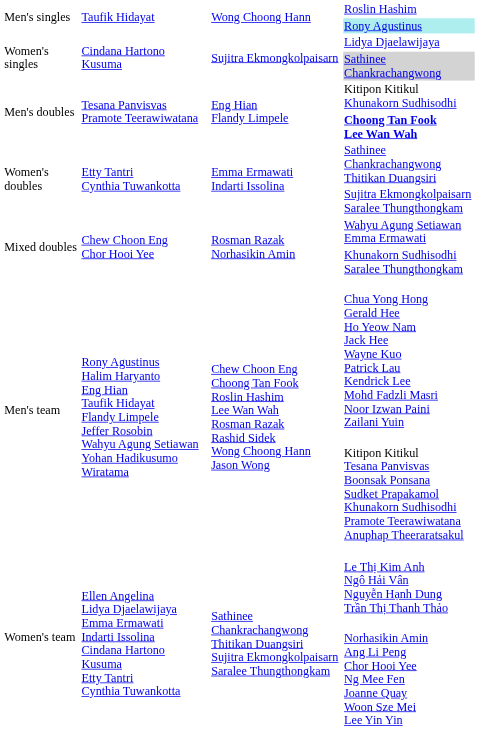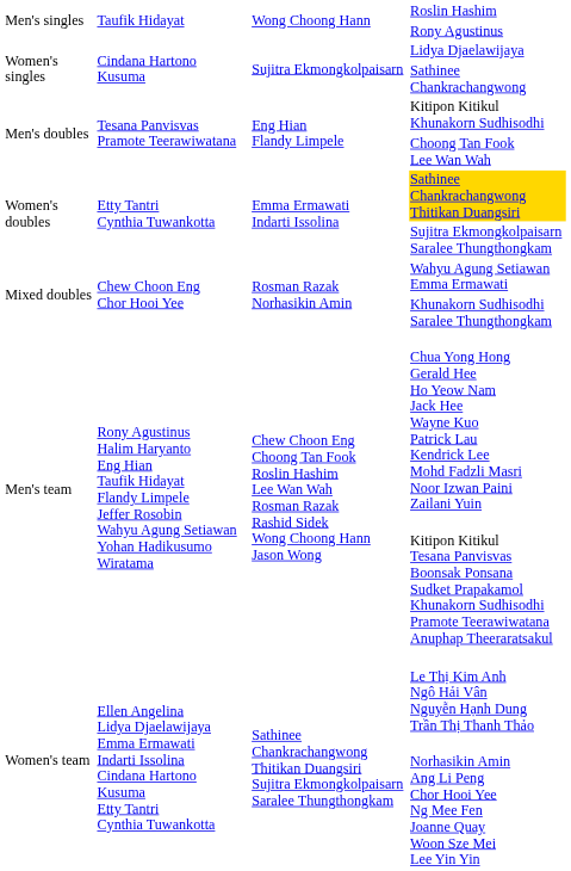 <table>
 <tr>
 <td rowspan="2">Men's singles</td>
 <td rowspan="2"> <a href='#'>Taufik Hidayat</a></td>
 <td rowspan="2"> <a href='#'>Wong Choong Hann</a></td>
 <td> <a href='#'>Roslin Hashim</a></td>
 </tr>
 <tr>
-<td style="background: paleturquoise;"> <a href='#'>Rony Agustinus</a></td>
+<td> <a href='#'>Rony Agustinus</a></td>
 </tr>
 <tr>
 <td rowspan="2">Women's singles</td>
 <td rowspan="2"> <a href='#'>Cindana Hartono Kusuma</a></td>
 <td rowspan="2"> <a href='#'>Sujitra Ekmongkolpaisarn</a></td>
 <td> <a href='#'>Lidya Djaelawijaya</a></td>
 </tr>
 <tr>
-<td style="background: lightgrey;"> <a href='#'>Sathinee Chankrachangwong</a></td>
+<td> <a href='#'>Sathinee Chankrachangwong</a></td>
 </tr>
 <tr>
 <td rowspan="2">Men's doubles</td>
 <td rowspan="2"> <a href='#'>Tesana Panvisvas</a> <br>  <a href='#'>Pramote Teerawiwatana</a></td>
 <td rowspan="2"> <a href='#'>Eng Hian</a> <br>  <a href='#'>Flandy Limpele</a></td>
 <td> Kitipon Kitikul <br>  <a href='#'>Khunakorn Sudhisodhi</a></td>
 </tr>
 <tr>
-<td><strong> <a href='#'>Choong Tan Fook</a> <br>  <a href='#'>Lee Wan Wah</a></strong></td>
+<td> <a href='#'>Choong Tan Fook</a> <br>  <a href='#'>Lee Wan Wah</a></td>
 </tr>
 <tr>
 <td rowspan="2">Women's doubles</td>
 <td rowspan="2"> <a href='#'>Etty Tantri</a> <br>  <a href='#'>Cynthia Tuwankotta</a></td>
 <td rowspan="2"> <a href='#'>Emma Ermawati</a> <br>  <a href='#'>Indarti Issolina</a></td>
-<td> <a href='#'>Sathinee Chankrachangwong</a> <br>  <a href='#'>Thitikan Duangsiri</a></td>
+<td style="background: gold;"> <a href='#'>Sathinee Chankrachangwong</a> <br>  <a href='#'>Thitikan Duangsiri</a></td>
 </tr>
 <tr>
 <td> <a href='#'>Sujitra Ekmongkolpaisarn</a> <br>  <a href='#'>Saralee Thungthongkam</a></td>
 </tr>
 <tr>
 <td rowspan="2">Mixed doubles</td>
 <td rowspan="2"> <a href='#'>Chew Choon Eng</a> <br>  <a href='#'>Chor Hooi Yee</a></td>
 <td rowspan="2"> <a href='#'>Rosman Razak</a> <br>  <a href='#'>Norhasikin Amin</a></td>
 <td> <a href='#'>Wahyu Agung Setiawan</a> <br>  <a href='#'>Emma Ermawati</a></td>
 </tr>
 <tr>
 <td> <a href='#'>Khunakorn Sudhisodhi</a> <br>  <a href='#'>Saralee Thungthongkam</a></td>
 </tr>
 <tr>
 <td rowspan="2">Men's team</td>
 <td rowspan="2"> <br> <a href='#'>Rony Agustinus</a> <br> <a href='#'>Halim Haryanto</a>  <br> <a href='#'>Eng Hian</a> <br> <a href='#'>Taufik Hidayat</a> <br> <a href='#'>Flandy Limpele</a> <br> <a href='#'>Jeffer Rosobin</a> <br> <a href='#'>Wahyu Agung Setiawan</a> <br> <a href='#'>Yohan Hadikusumo Wiratama</a></td>
 <td rowspan="2"> <br> <a href='#'>Chew Choon Eng</a> <br> <a href='#'>Choong Tan Fook</a> <br> <a href='#'>Roslin Hashim</a> <br> <a href='#'>Lee Wan Wah</a> <br> <a href='#'>Rosman Razak</a> <br> <a href='#'>Rashid Sidek</a> <br> <a href='#'>Wong Choong Hann</a> <br> <a href='#'>Jason Wong</a></td>
 <td> <br> <a href='#'>Chua Yong Hong</a> <br> <a href='#'>Gerald Hee</a> <br> <a href='#'>Ho Yeow Nam</a> <br> <a href='#'>Jack Hee</a> <br> <a href='#'>Wayne Kuo</a> <br> <a href='#'>Patrick Lau</a> <br> <a href='#'>Kendrick Lee</a> <br> <a href='#'>Mohd Fadzli Masri</a> <br> <a href='#'>Noor Izwan Paini</a> <br> <a href='#'>Zailani Yuin</a></td>
 </tr>
 <tr>
 <td> <br> Kitipon Kitikul <br> <a href='#'>Tesana Panvisvas</a> <br> <a href='#'>Boonsak Ponsana</a> <br> <a href='#'>Sudket Prapakamol</a> <br> <a href='#'>Khunakorn Sudhisodhi</a><br> <a href='#'>Pramote Teerawiwatana</a> <br> <a href='#'>Anuphap Theeraratsakul</a></td>
 </tr>
 <tr>
 </tr>
 <tr>
 <td rowspan="2">Women's team</td>
 <td rowspan="2"> <br> <a href='#'>Ellen Angelina</a> <br> <a href='#'>Lidya Djaelawijaya</a> <br> <a href='#'>Emma Ermawati</a> <br> <a href='#'>Indarti Issolina</a> <br>  <a href='#'>Cindana Hartono Kusuma</a> <br> <a href='#'>Etty Tantri</a> <br> <a href='#'>Cynthia Tuwankotta</a></td>
 <td rowspan="2"> <br> <a href='#'>Sathinee Chankrachangwong</a> <br> <a href='#'>Thitikan Duangsiri</a> <br>  <a href='#'>Sujitra Ekmongkolpaisarn</a> <br> <a href='#'>Saralee Thungthongkam</a></td>
 <td> <br> <a href='#'>Le Thị Kim Anh</a> <br> <a href='#'>Ngô Hải Vân</a> <br> <a href='#'>Nguyễn Hạnh Dung</a> <br> <a href='#'>Trần Thị Thanh Thảo</a></td>
 </tr>
 <tr>
 <td> <br> <a href='#'>Norhasikin Amin</a> <br> <a href='#'>Ang Li Peng</a>  <br> <a href='#'>Chor Hooi Yee</a> <br> <a href='#'>Ng Mee Fen</a> <br> <a href='#'>Joanne Quay</a> <br> <a href='#'>Woon Sze Mei</a> <br> <a href='#'>Lee Yin Yin</a></td>
 </tr>
 <tr>
 </tr>
 </table>
